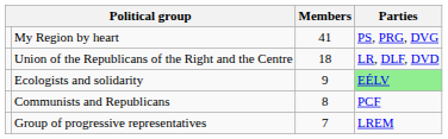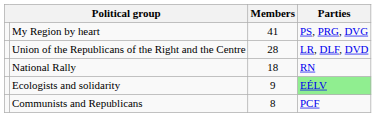 <table class="wikitable" style="font-size:95%;">
 <tr>
 <th colspan="2">Political group</th>
 <th>Members</th>
 <th>Parties</th>
 </tr>
 <tr>
 <td style="background:"></td>
 <td>My Region by heart</td>
 <td style="text-align:center;">41</td>
 <td><a href='#'>PS</a>, <a href='#'>PRG</a>, <a href='#'>DVG</a></td>
 </tr>
 <tr>
 <td style="background:"></td>
 <td>Union of the Republicans of the Right and the Centre</td>
+<td style="text-align:center;">28</td>
+<td><a href='#'>LR</a>, <a href='#'>DLF</a>, <a href='#'>DVD</a></td>
+</tr>
+<tr>
+<td style="background:"></td>
+<td>National Rally</td>
 <td style="text-align:center;">18</td>
-<td><a href='#'>LR</a>, <a href='#'>DLF</a>, <a href='#'>DVD</a></td>
+<td><a href='#'>RN</a></td>
 </tr>
 <tr>
 <td style="background:"></td>
 <td>Ecologists and solidarity</td>
 <td style="text-align:center;">9</td>
 <td style="background: lightgreen;"><a href='#'>EÉLV</a></td>
 </tr>
 <tr>
 <td style="background:"></td>
 <td>Communists and Republicans</td>
 <td style="text-align:center;">8</td>
 <td><a href='#'>PCF</a></td>
 </tr>
-<tr>
-<td style="background:"></td>
-<td>Group of progressive representatives</td>
-<td style="text-align:center;">7</td>
-<td><a href='#'>LREM</a></td>
-</tr>
 </table>
